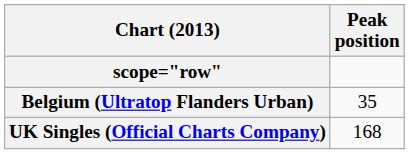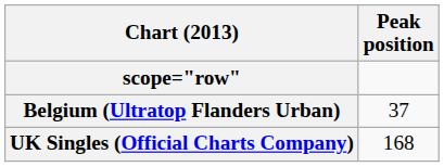 <table class="wikitable sortable plainrowheaders">
 <tr>
 <th scope="col">Chart (2013)</th>
 <th scope="col">Peak<br>position</th>
 </tr>
 <tr>
 <th>scope="row"</th>
 </tr>
 <tr>
 <th scope="row">Belgium (<a href='#'>Ultratop</a> Flanders Urban)</th>
-<td align="center">35</td>
+<td align="center">37</td>
 </tr>
 <tr>
 <th scope="row">UK Singles (<a href='#'>Official Charts Company</a>)</th>
 <td align="center">168</td>
 </tr>
 </table>
